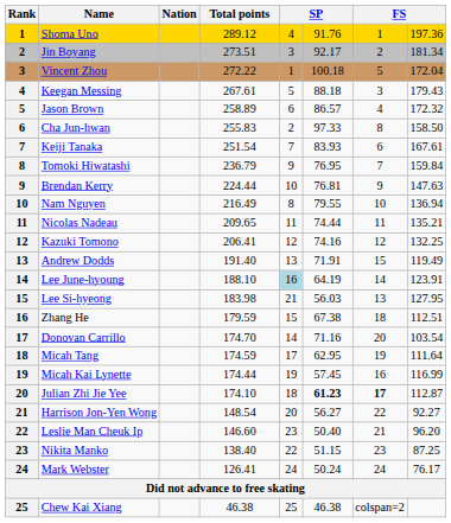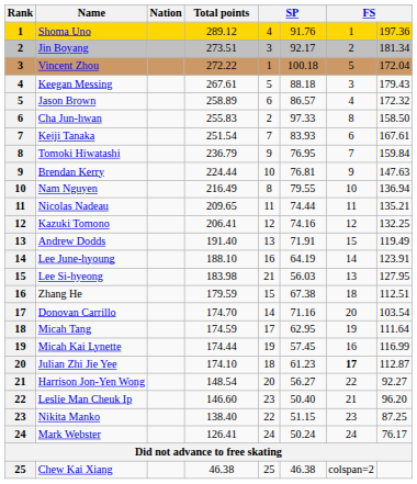 <table class="wikitable sortable">
 <tr>
 <th>Rank</th>
 <th>Name</th>
 <th>Nation</th>
 <th width="100px">Total points</th>
 <th colspan="2" width="90px"><a href='#'>SP</a></th>
 <th colspan="2" width="90px"><a href='#'>FS</a></th>
 </tr>
 <tr bgcolor="gold">
 <td align="center" bgcolor="gold"><strong>1</strong></td>
 <td><a href='#'>Shoma Uno</a></td>
 <td></td>
 <td align="center">289.12</td>
 <td align="center">4</td>
 <td align="center">91.76</td>
 <td align="center">1</td>
 <td align="center">197.36</td>
 </tr>
 <tr bgcolor="silver">
 <td align="center" bgcolor="silver"><strong>2</strong></td>
 <td><a href='#'>Jin Boyang</a></td>
 <td></td>
 <td align="center">273.51</td>
 <td align="center">3</td>
 <td align="center">92.17</td>
 <td align="center">2</td>
 <td align="center">181.34</td>
 </tr>
 <tr bgcolor="#cc9966">
 <td align="center" bgcolor="#cc9966"><strong>3</strong></td>
 <td><a href='#'>Vincent Zhou</a></td>
 <td></td>
 <td align="center">272.22</td>
 <td align="center">1</td>
 <td align="center">100.18</td>
 <td align="center">5</td>
 <td align="center">172.04</td>
 </tr>
 <tr>
 <th>4</th>
 <td><a href='#'>Keegan Messing</a></td>
 <td></td>
 <td align="center">267.61</td>
 <td align="center">5</td>
 <td align="center">88.18</td>
 <td align="center">3</td>
 <td align="center">179.43</td>
 </tr>
 <tr>
 <th>5</th>
 <td><a href='#'>Jason Brown</a></td>
 <td></td>
 <td align="center">258.89</td>
 <td align="center">6</td>
 <td align="center">86.57</td>
 <td align="center">4</td>
 <td align="center">172.32</td>
 </tr>
 <tr>
 <th>6</th>
 <td><a href='#'>Cha Jun-hwan</a></td>
 <td></td>
 <td align="center">255.83</td>
 <td align="center">2</td>
 <td align="center">97.33</td>
 <td align="center">8</td>
 <td align="center">158.50</td>
 </tr>
 <tr>
 <th>7</th>
 <td><a href='#'>Keiji Tanaka</a></td>
 <td></td>
 <td align="center">251.54</td>
 <td align="center">7</td>
 <td align="center">83.93</td>
 <td align="center">6</td>
 <td align="center">167.61</td>
 </tr>
 <tr>
 <th>8</th>
 <td><a href='#'>Tomoki Hiwatashi</a></td>
 <td></td>
 <td align="center">236.79</td>
 <td align="center">9</td>
 <td align="center">76.95</td>
 <td align="center">7</td>
 <td align="center">159.84</td>
 </tr>
 <tr>
 <th>9</th>
 <td><a href='#'>Brendan Kerry</a></td>
 <td></td>
 <td align="center">224.44</td>
 <td align="center">10</td>
 <td align="center">76.81</td>
 <td align="center">9</td>
 <td align="center">147.63</td>
 </tr>
 <tr>
 <th>10</th>
 <td><a href='#'>Nam Nguyen</a></td>
 <td></td>
 <td align="center">216.49</td>
 <td align="center">8</td>
 <td align="center">79.55</td>
 <td align="center">10</td>
 <td align="center">136.94</td>
 </tr>
 <tr>
 <th>11</th>
 <td><a href='#'>Nicolas Nadeau</a></td>
 <td></td>
 <td align="center">209.65</td>
 <td align="center">11</td>
 <td align="center">74.44</td>
 <td align="center">11</td>
 <td align="center">135.21</td>
 </tr>
 <tr>
 <th>12</th>
 <td><a href='#'>Kazuki Tomono</a></td>
 <td></td>
 <td align="center">206.41</td>
 <td align="center">12</td>
 <td align="center">74.16</td>
 <td align="center">12</td>
 <td align="center">132.25</td>
 </tr>
 <tr>
 <th>13</th>
 <td><a href='#'>Andrew Dodds</a></td>
 <td></td>
 <td align="center">191.40</td>
 <td align="center">13</td>
 <td align="center">71.91</td>
 <td align="center">15</td>
 <td align="center">119.49</td>
 </tr>
 <tr>
 <th>14</th>
 <td><a href='#'>Lee June-hyoung</a></td>
 <td></td>
 <td align="center">188.10</td>
-<td align="center" style="background: lightblue;">16</td>
+<td align="center">16</td>
 <td align="center">64.19</td>
 <td align="center">14</td>
 <td align="center">123.91</td>
 </tr>
 <tr>
 <th>15</th>
 <td><a href='#'>Lee Si-hyeong</a></td>
 <td></td>
 <td align="center">183.98</td>
 <td align="center">21</td>
 <td align="center">56.03</td>
 <td align="center">13</td>
 <td align="center">127.95</td>
 </tr>
 <tr>
 <th>16</th>
 <td>Zhang He</td>
 <td></td>
 <td align="center">179.59</td>
 <td align="center">15</td>
 <td align="center">67.38</td>
 <td align="center">18</td>
 <td align="center">112.51</td>
 </tr>
 <tr>
 <th>17</th>
 <td><a href='#'>Donovan Carrillo</a></td>
 <td></td>
 <td align="center">174.70</td>
 <td align="center">14</td>
 <td align="center">71.16</td>
 <td align="center">20</td>
 <td align="center">103.54</td>
 </tr>
 <tr>
 <th>18</th>
 <td><a href='#'>Micah Tang</a></td>
 <td></td>
 <td align="center">174.59</td>
 <td align="center">17</td>
 <td align="center">62.95</td>
 <td align="center">19</td>
 <td align="center">111.64</td>
 </tr>
 <tr>
 <th>19</th>
 <td><a href='#'>Micah Kai Lynette</a></td>
 <td></td>
 <td align="center">174.44</td>
 <td align="center">19</td>
 <td align="center">57.45</td>
 <td align="center">16</td>
 <td align="center">116.99</td>
 </tr>
 <tr>
 <th>20</th>
 <td><a href='#'>Julian Zhi Jie Yee</a></td>
 <td></td>
 <td align="center">174.10</td>
 <td align="center">18</td>
-<td align="center"><strong>61.23</strong></td>
+<td align="center">61.23</td>
 <td align="center"><strong>17</strong></td>
 <td align="center">112.87</td>
 </tr>
 <tr>
 <th>21</th>
 <td><a href='#'>Harrison Jon-Yen Wong</a></td>
 <td></td>
 <td align="center">148.54</td>
 <td align="center">20</td>
 <td align="center">56.27</td>
 <td align="center">22</td>
 <td align="center">92.27</td>
 </tr>
 <tr>
 <th>22</th>
 <td><a href='#'>Leslie Man Cheuk Ip</a></td>
 <td></td>
 <td align="center">146.60</td>
 <td align="center">23</td>
 <td align="center">50.40</td>
 <td align="center">21</td>
 <td align="center">96.20</td>
 </tr>
 <tr>
 <th>23</th>
 <td><a href='#'>Nikita Manko</a></td>
 <td></td>
 <td align="center">138.40</td>
 <td align="center">22</td>
 <td align="center">51.15</td>
 <td align="center">23</td>
 <td align="center">87.25</td>
 </tr>
 <tr>
 <th>24</th>
 <td><a href='#'>Mark Webster</a></td>
 <td></td>
 <td align="center">126.41</td>
 <td align="center">24</td>
 <td align="center">50.24</td>
 <td align="center">24</td>
 <td align="center">76.17</td>
 </tr>
 <tr>
 <th colspan=8>Did not advance to free skating</th>
 </tr>
 <tr>
 <th>25</th>
 <td><a href='#'>Chew Kai Xiang</a></td>
 <td></td>
 <td align="center">46.38</td>
 <td align="center">25</td>
 <td align="center">46.38</td>
 <td>colspan=2 </td>
 </tr>
 </table>
